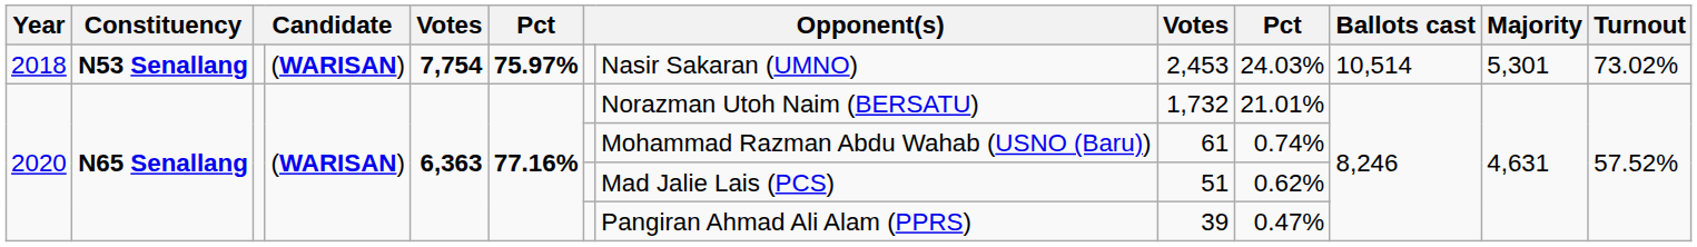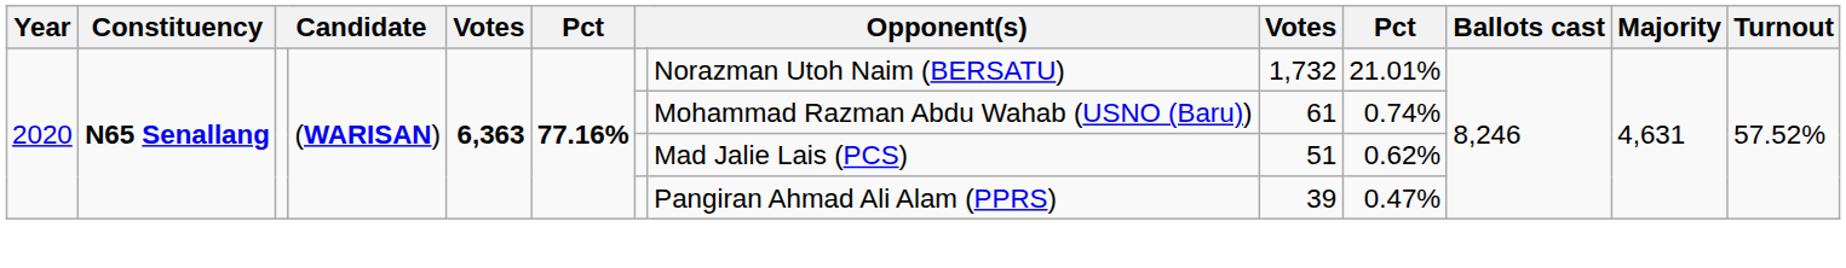 <table class="wikitable" style="margin:0.5em ; font-size:95%">
 <tr>
 <th>Year</th>
 <th>Constituency</th>
 <th colspan=2>Candidate</th>
 <th>Votes</th>
 <th>Pct</th>
 <th colspan=2>Opponent(s)</th>
 <th>Votes</th>
 <th>Pct</th>
 <th>Ballots cast</th>
 <th>Majority</th>
 <th>Turnout</th>
-</tr>
-<tr>
-<td><a href='#'>2018</a></td>
-<td><strong>N53 <a href='#'>Senallang</a></strong></td>
-<td></td>
-<td> (<a href='#'><strong>WARISAN</strong></a>)</td>
-<td align="right"><strong>7,754</strong></td>
-<td><strong>75.97%</strong></td>
-<td></td>
-<td>Nasir Sakaran (<a href='#'>UMNO</a>)</td>
-<td align="right">2,453</td>
-<td>24.03%</td>
-<td>10,514</td>
-<td>5,301</td>
-<td>73.02%</td>
 </tr>
 <tr>
 <td rowspan=4><a href='#'>2020</a></td>
 <td rowspan=4><strong>N65 <a href='#'>Senallang</a></strong></td>
 <td rowspan=4 ></td>
 <td rowspan=4> (<a href='#'><strong>WARISAN</strong></a>)</td>
 <td rowspan=4 align="right"><strong>6,363</strong></td>
 <td rowspan=4><strong>77.16%</strong></td>
 <td></td>
 <td>Norazman Utoh Naim (<a href='#'>BERSATU</a>)</td>
 <td align="right">1,732</td>
 <td>21.01%</td>
 <td rowspan=4>8,246</td>
 <td rowspan=4>4,631</td>
 <td rowspan=4>57.52%</td>
 </tr>
 <tr>
 <td></td>
 <td>Mohammad Razman Abdu Wahab (<a href='#'>USNO (Baru)</a>)</td>
 <td align="right">61</td>
 <td align=right>0.74%</td>
 </tr>
 <tr>
 <td></td>
 <td>Mad Jalie Lais (<a href='#'>PCS</a>)</td>
 <td align="right">51</td>
 <td align=right>0.62%</td>
 </tr>
 <tr>
 <td></td>
 <td>Pangiran Ahmad Ali Alam (<a href='#'>PPRS</a>)</td>
 <td align="right">39</td>
 <td align=right>0.47%</td>
 </tr>
 </table>
